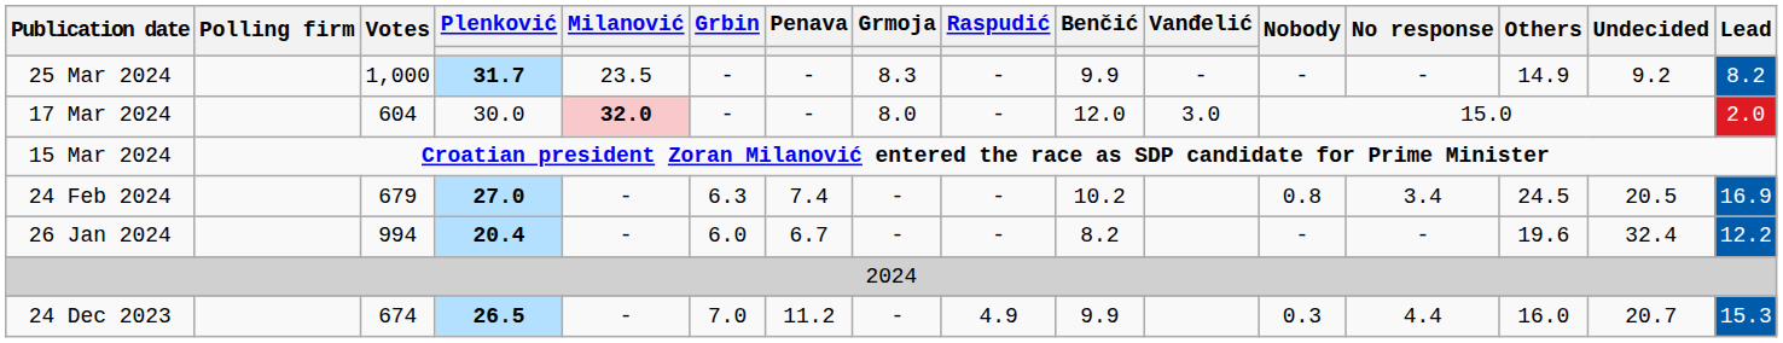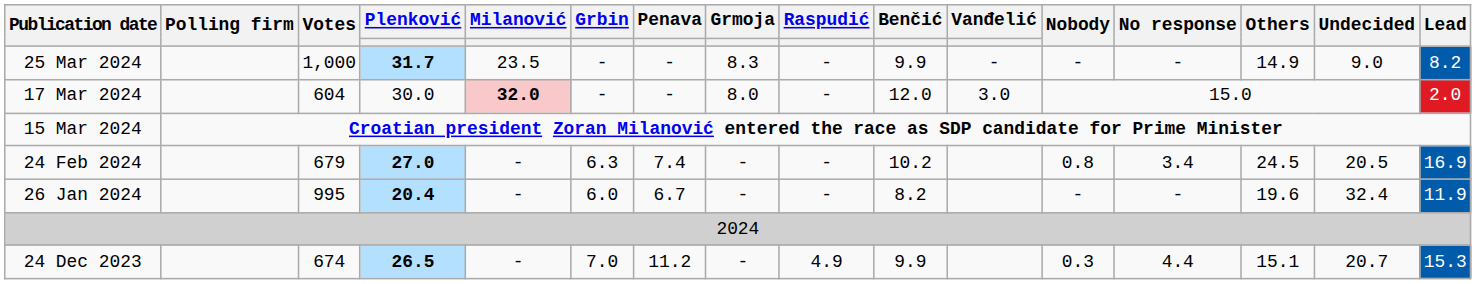 <table class="wikitable" style="text-align:center; font-size:90%; line-height:16px;">
 <tr>
 <th rowspan="2" style="letter-spacing:-1px;">Publication date</th>
 <th rowspan="2">Polling firm</th>
 <th rowspan="2">Votes</th>
 <th><a href='#'>Plenković</a></th>
 <th><a href='#'>Milanović</a></th>
 <th><a href='#'>Grbin</a></th>
 <th>Penava</th>
 <th>Grmoja</th>
 <th><a href='#'>Raspudić</a></th>
 <th>Benčić</th>
 <th>Vanđelić</th>
 <th rowspan="2">Nobody</th>
 <th rowspan="2">No response</th>
 <th rowspan="2">Others</th>
 <th rowspan="2">Undecided</th>
 <th rowspan="2">Lead</th>
 </tr>
 <tr>
 <th style="color:inherit;background:"></th>
 <th data-sort-type="number" style="color:inherit;background:"></th>
 <th data-sort-type="number" style="color:inherit;background:"></th>
 <th style="color:inherit;background:"></th>
 <th style="color:inherit;background:"></th>
 <th style="color:inherit;background:"></th>
 <th style="color:inherit;background:"></th>
 <th></th>
 </tr>
 <tr>
 <td>25 Mar 2024</td>
 <td></td>
 <td>1,000</td>
 <td style="background:#B3E0FF"><strong>31.7</strong></td>
 <td>23.5</td>
 <td>-</td>
 <td>-</td>
 <td>8.3</td>
 <td>-</td>
 <td>9.9</td>
 <td>-</td>
 <td>-</td>
 <td>-</td>
 <td>14.9</td>
-<td>9.2</td>
+<td>9.0</td>
 <td style="background:#005BAA; color: white">8.2</td>
 </tr>
 <tr>
 <td>17 Mar 2024</td>
 <td></td>
 <td>604</td>
 <td>30.0</td>
 <td style="background:#F9C8CA"><strong>32.0</strong></td>
 <td>-</td>
 <td>-</td>
 <td>8.0</td>
 <td>-</td>
 <td>12.0</td>
 <td>3.0</td>
 <td colspan="4">15.0</td>
 <td style="background:#DF1A22; color:white;">2.0</td>
 </tr>
 <tr>
 <td>15 Mar 2024</td>
 <td colspan="15"><strong><a href='#'>Croatian president</a> <a href='#'>Zoran Milanović</a> entered the race as SDP candidate for Prime Minister</strong></td>
 </tr>
 <tr>
 <td>24 Feb 2024</td>
 <td></td>
 <td>679</td>
 <td style="background:#B3E0FF"><strong>27.0</strong></td>
 <td>-</td>
 <td>6.3</td>
 <td>7.4</td>
 <td>-</td>
 <td>-</td>
 <td>10.2</td>
 <td></td>
 <td>0.8</td>
 <td>3.4</td>
 <td>24.5</td>
 <td>20.5</td>
 <td style="background:#005BAA; color: white">16.9</td>
 </tr>
 <tr>
 <td>26 Jan 2024</td>
 <td></td>
-<td>994</td>
+<td>995</td>
 <td style="background:#B3E0FF"><strong>20.4</strong></td>
 <td>-</td>
 <td>6.0</td>
 <td>6.7</td>
 <td>-</td>
 <td>-</td>
 <td>8.2</td>
 <td></td>
 <td>-</td>
 <td>-</td>
 <td>19.6</td>
 <td>32.4</td>
-<td style="background:#005BAA; color: white">12.2</td>
+<td style="background:#005BAA; color: white">11.9</td>
 </tr>
 <tr>
 <td colspan="16" style="background:#D0D0D0; color:black">2024</td>
 </tr>
 <tr>
 <td>24 Dec 2023</td>
 <td></td>
 <td>674</td>
 <td style="background:#B3E0FF"><strong>26.5</strong></td>
 <td>-</td>
 <td>7.0</td>
 <td>11.2</td>
 <td>-</td>
 <td>4.9</td>
 <td>9.9</td>
 <td></td>
 <td>0.3</td>
 <td>4.4</td>
-<td>16.0</td>
+<td>15.1</td>
 <td>20.7</td>
 <td style="background:#005BAA; color: white">15.3</td>
 </tr>
 </table>
